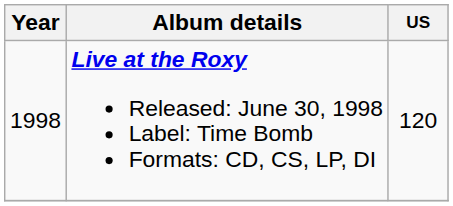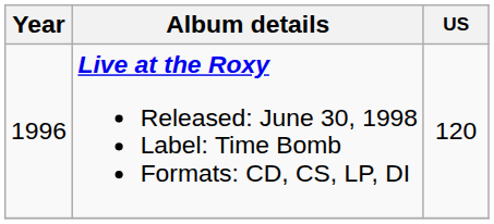 <table class="wikitable">
 <tr>
 <th>Year</th>
 <th>Album details</th>
 <th style="width:3em;font-size:75%">US<br></th>
 </tr>
 <tr>
-<td>1998</td>
+<td>1996</td>
 <td><strong><em><a href='#'>Live at the Roxy</a></em></strong><br><ul><li>Released: June 30, 1998</li><li>Label: Time Bomb</li><li>Formats: CD, CS, LP, DI</li></ul></td>
 <td align="center">120</td>
 </tr>
 <tr>
 </tr>
 </table>
